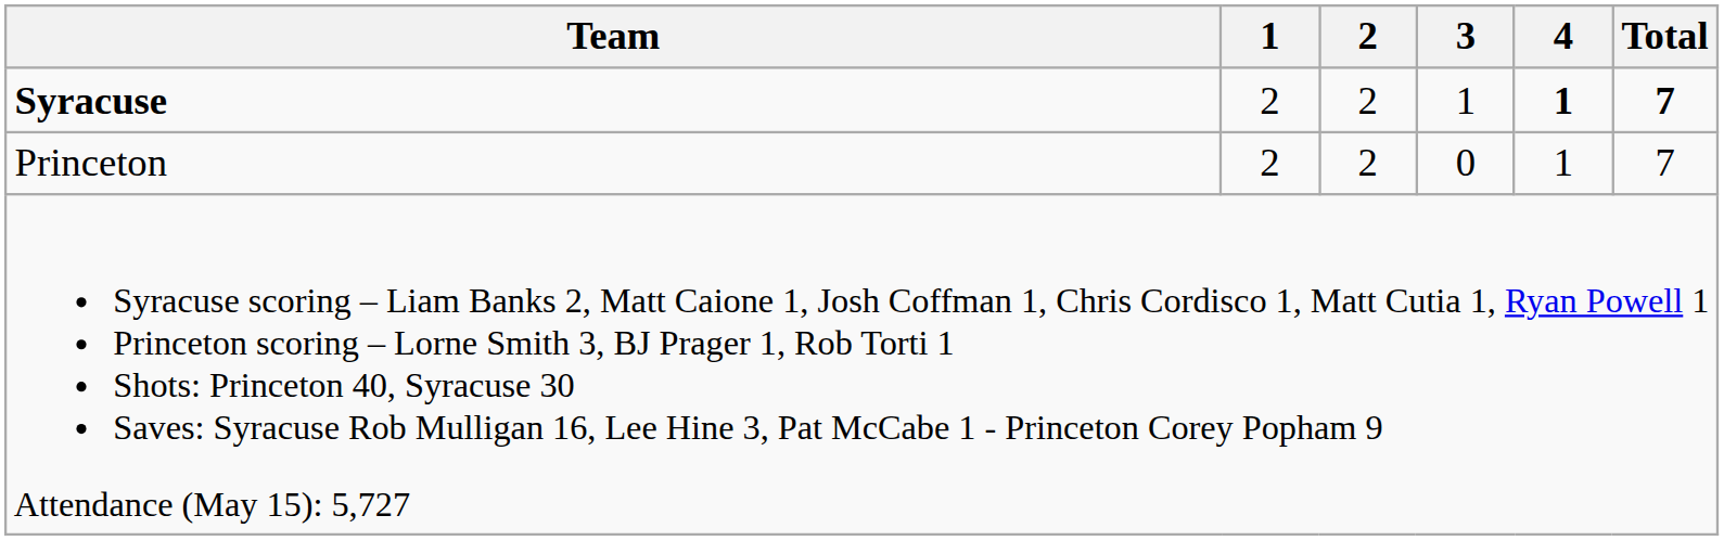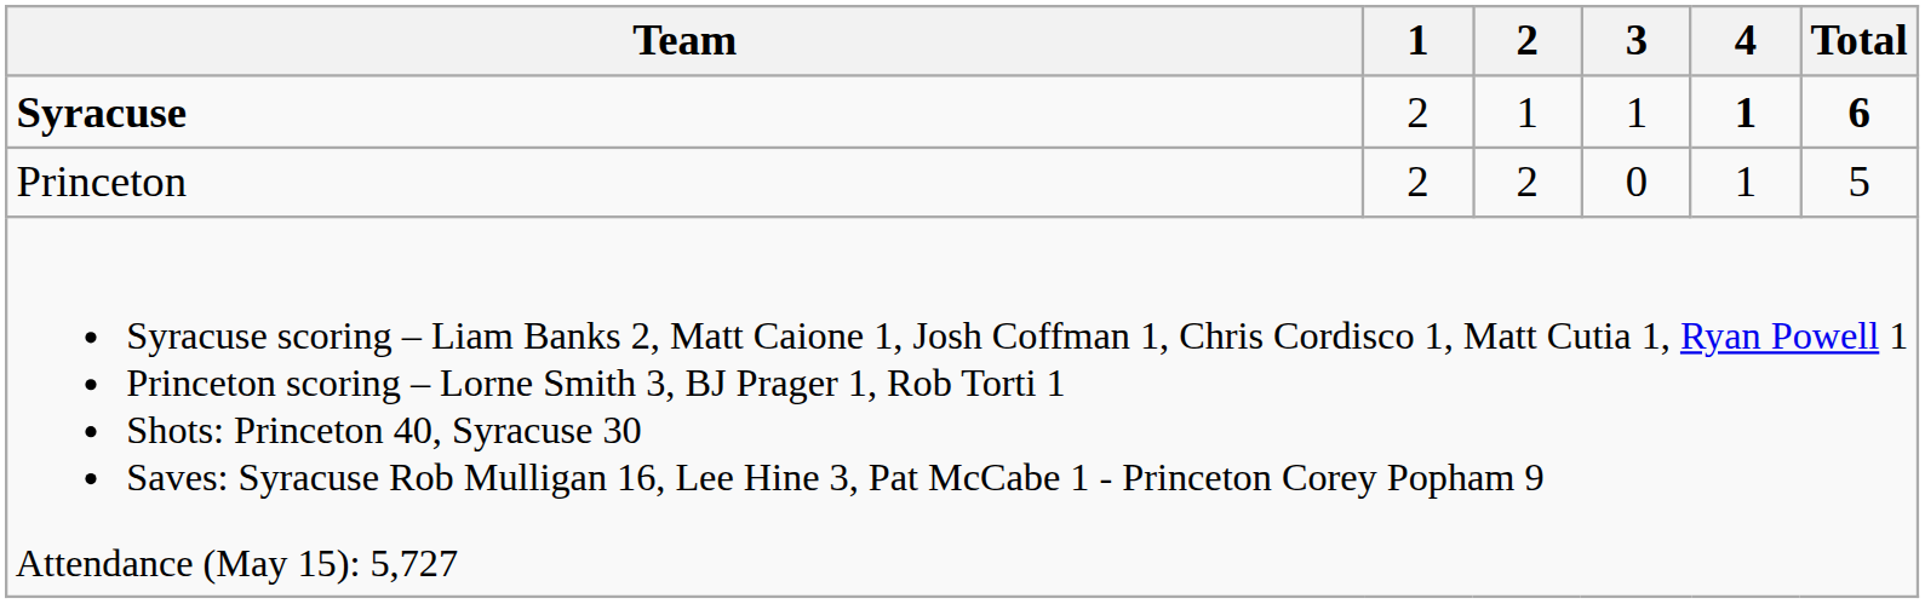 <table class="wikitable" style="text-align:center; max-width:45em">
 <tr>
 <th>Team</th>
 <th style="width:2em">1</th>
 <th style="width:2em">2</th>
 <th style="width:2em">3</th>
 <th style="width:2em">4</th>
 <th style="width:2em">Total</th>
 </tr>
 <tr>
 <td style="text-align:left"><strong>Syracuse</strong></td>
 <td>2</td>
-<td>2</td>
+<td>1</td>
 <td>1</td>
 <td><strong>1</strong></td>
-<td><strong>7</strong></td>
+<td><strong>6</strong></td>
 </tr>
 <tr>
 <td style="text-align:left">Princeton</td>
 <td>2</td>
 <td>2</td>
 <td>0</td>
 <td>1</td>
-<td>7</td>
+<td>5</td>
 </tr>
 <tr>
 <td colspan=6 style="text-align:left; font-size:88%;"><br><ul><li>Syracuse scoring – Liam Banks 2, Matt Caione 1, Josh Coffman 1, Chris Cordisco 1, Matt Cutia 1, <a href='#'>Ryan Powell</a> 1</li><li>Princeton scoring – Lorne Smith 3, BJ Prager 1, Rob Torti 1</li><li>Shots: Princeton 40, Syracuse 30</li><li>Saves: Syracuse Rob Mulligan 16, Lee Hine 3, Pat McCabe 1 - Princeton Corey Popham 9</li></ul>Attendance (May 15): 5,727 </td>
 </tr>
 </table>
